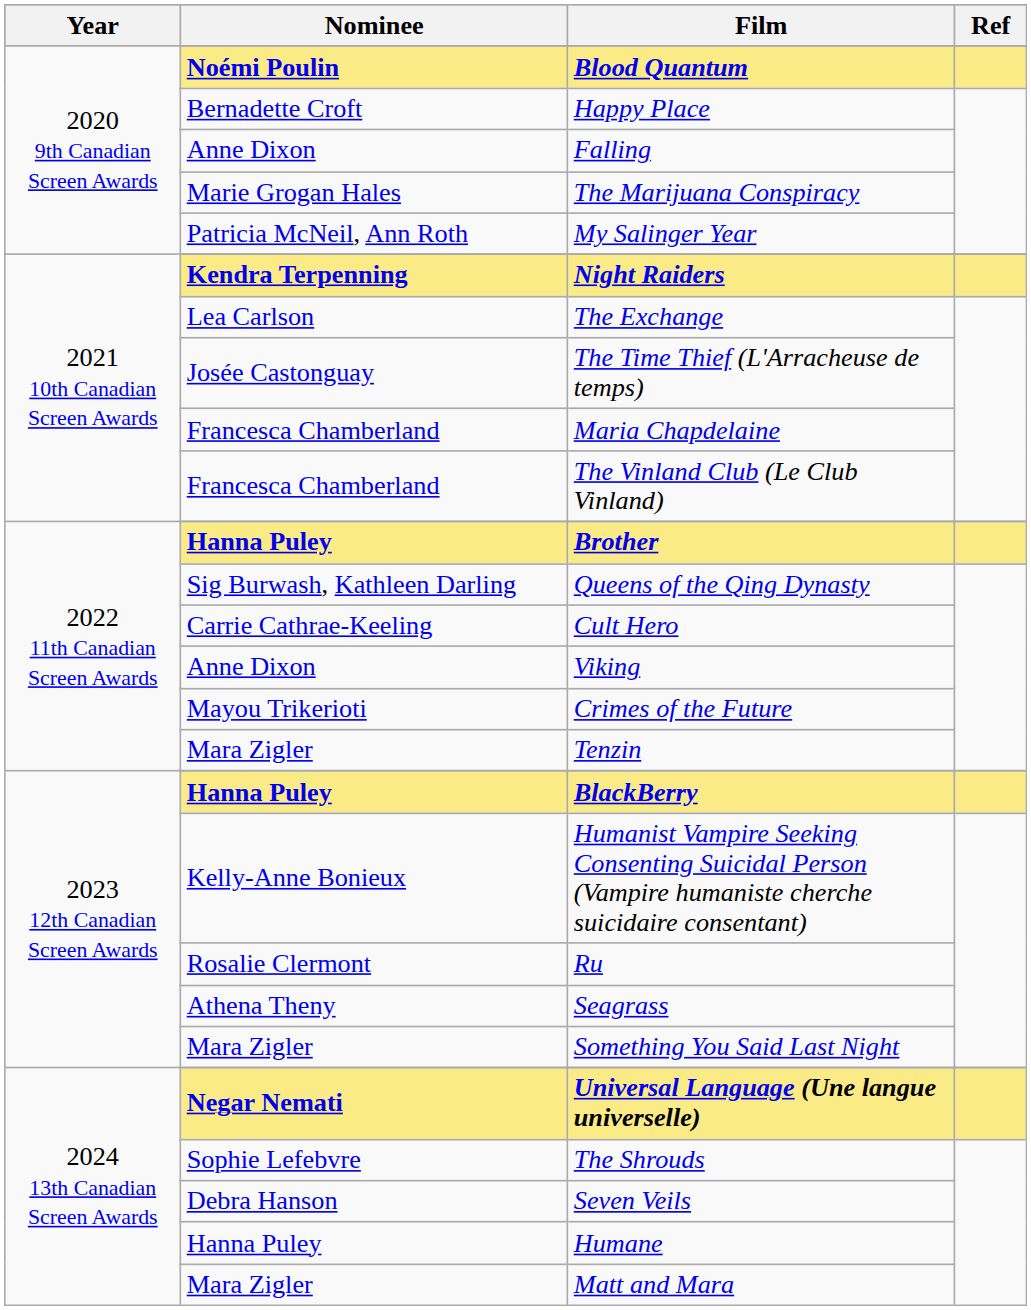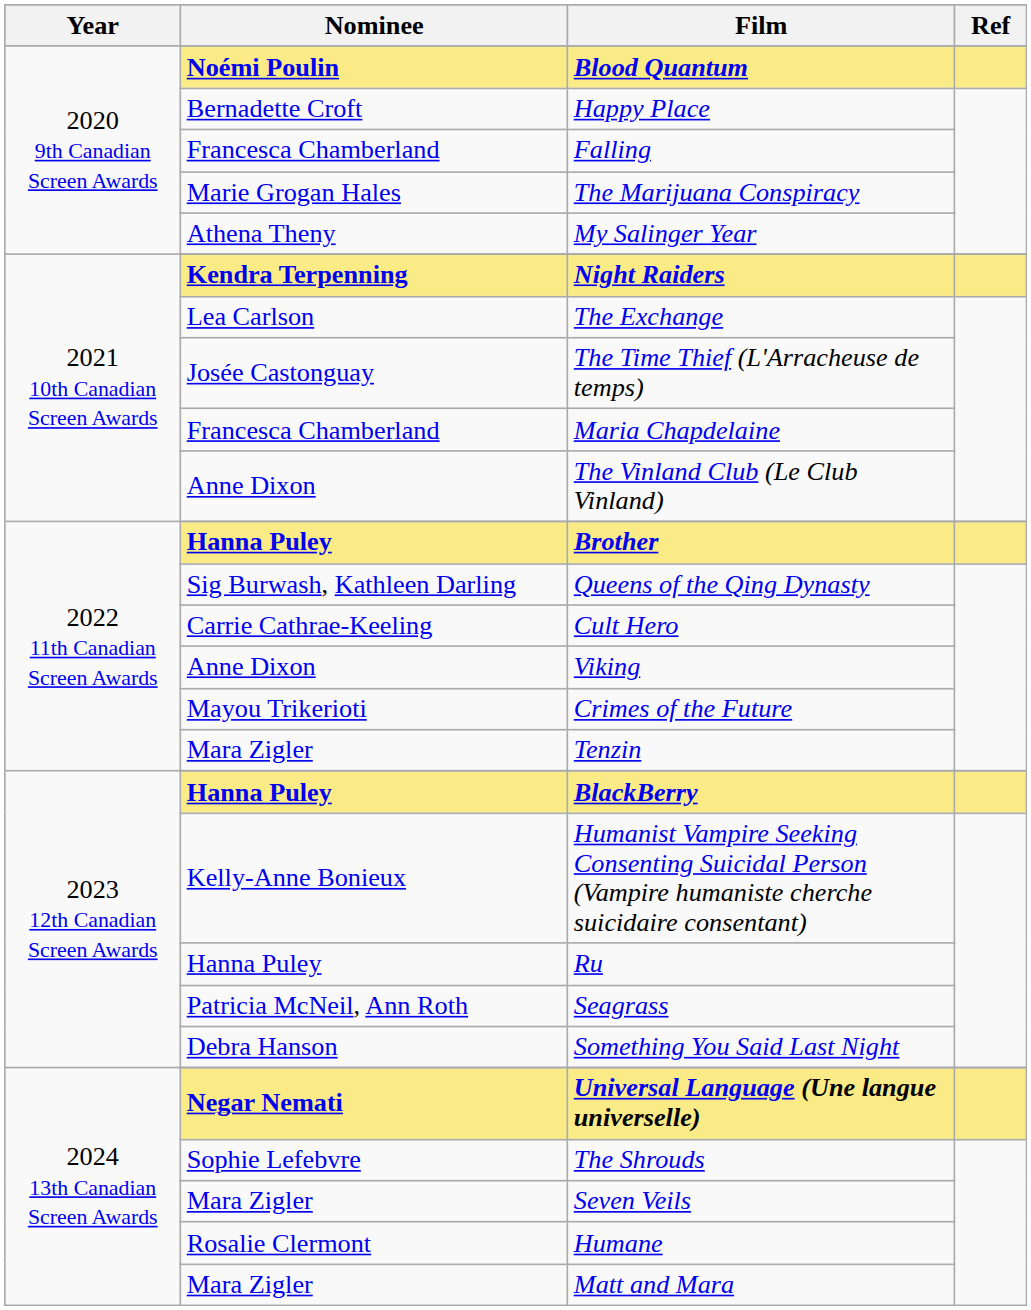 <table class="wikitable" style="width:100%;">
 <tr style="background:#bebebe;">
 <th style="width:8%;">Year</th>
 <th style="width:19%;">Nominee</th>
 <th style="width:19%;">Film</th>
 <th style="width:2%;">Ref</th>
 </tr>
 <tr>
 <td rowspan="6" align="center">2020 <br> <small><a href='#'>9th Canadian Screen Awards</a></small></td>
 </tr>
 <tr style="background:#FAEB86;">
 <td><strong><a href='#'>Noémi Poulin</a></strong></td>
 <td><strong><em><a href='#'>Blood Quantum</a></em></strong></td>
 <td></td>
 </tr>
 <tr>
 <td><a href='#'>Bernadette Croft</a></td>
 <td><em><a href='#'>Happy Place</a></em></td>
 <td rowspan=4></td>
 </tr>
 <tr>
-<td><a href='#'>Anne Dixon</a></td>
+<td><a href='#'>Francesca Chamberland</a></td>
 <td><em><a href='#'>Falling</a></em></td>
 </tr>
 <tr>
 <td><a href='#'>Marie Grogan Hales</a></td>
 <td><em><a href='#'>The Marijuana Conspiracy</a></em></td>
 </tr>
 <tr>
-<td><a href='#'>Patricia McNeil</a>, <a href='#'>Ann Roth</a></td>
+<td><a href='#'>Athena Theny</a></td>
 <td><em><a href='#'>My Salinger Year</a></em></td>
 </tr>
 <tr>
 <td rowspan="6" align="center">2021 <br> <small><a href='#'>10th Canadian Screen Awards</a></small></td>
 </tr>
 <tr style="background:#FAEB86;">
 <td><strong><a href='#'>Kendra Terpenning</a></strong></td>
 <td><strong><em><a href='#'>Night Raiders</a></em></strong></td>
 <td></td>
 </tr>
 <tr>
 <td><a href='#'>Lea Carlson</a></td>
 <td><em><a href='#'>The Exchange</a></em></td>
 <td rowspan=4></td>
 </tr>
 <tr>
 <td><a href='#'>Josée Castonguay</a></td>
 <td><em><a href='#'>The Time Thief</a> (L'Arracheuse de temps)</em></td>
 </tr>
 <tr>
 <td><a href='#'>Francesca Chamberland</a></td>
 <td><em><a href='#'>Maria Chapdelaine</a></em></td>
 </tr>
 <tr>
-<td><a href='#'>Francesca Chamberland</a></td>
+<td><a href='#'>Anne Dixon</a></td>
 <td><em><a href='#'>The Vinland Club</a> (Le Club Vinland)</em></td>
 </tr>
 <tr>
 <td rowspan="7" align="center">2022 <br> <small><a href='#'>11th Canadian Screen Awards</a></small></td>
 </tr>
 <tr style="background:#FAEB86;">
 <td><strong><a href='#'>Hanna Puley</a></strong></td>
 <td><strong><em><a href='#'>Brother</a></em></strong></td>
 <td></td>
 </tr>
 <tr>
 <td><a href='#'>Sig Burwash</a>, <a href='#'>Kathleen Darling</a></td>
 <td><em><a href='#'>Queens of the Qing Dynasty</a></em></td>
 <td rowspan=5></td>
 </tr>
 <tr>
 <td><a href='#'>Carrie Cathrae-Keeling</a></td>
 <td><em><a href='#'>Cult Hero</a></em></td>
 </tr>
 <tr>
 <td><a href='#'>Anne Dixon</a></td>
 <td><em><a href='#'>Viking</a></em></td>
 </tr>
 <tr>
 <td><a href='#'>Mayou Trikerioti</a></td>
 <td><em><a href='#'>Crimes of the Future</a></em></td>
 </tr>
 <tr>
 <td><a href='#'>Mara Zigler</a></td>
 <td><em><a href='#'>Tenzin</a></em></td>
 </tr>
 <tr>
 <td rowspan="6" align="center">2023 <br> <small><a href='#'>12th Canadian Screen Awards</a></small></td>
 </tr>
 <tr style="background:#FAEB86;">
 <td><strong><a href='#'>Hanna Puley</a></strong></td>
 <td><strong><em><a href='#'>BlackBerry</a></em></strong></td>
 <td></td>
 </tr>
 <tr>
 <td><a href='#'>Kelly-Anne Bonieux</a></td>
 <td><em><a href='#'>Humanist Vampire Seeking Consenting Suicidal Person</a> (Vampire humaniste cherche suicidaire consentant)</em></td>
 <td rowspan=4></td>
 </tr>
 <tr>
-<td><a href='#'>Rosalie Clermont</a></td>
+<td><a href='#'>Hanna Puley</a></td>
 <td><em><a href='#'>Ru</a></em></td>
 </tr>
 <tr>
-<td><a href='#'>Athena Theny</a></td>
+<td><a href='#'>Patricia McNeil</a>, <a href='#'>Ann Roth</a></td>
 <td><em><a href='#'>Seagrass</a></em></td>
 </tr>
 <tr>
-<td><a href='#'>Mara Zigler</a></td>
+<td><a href='#'>Debra Hanson</a></td>
 <td><em><a href='#'>Something You Said Last Night</a></em></td>
 </tr>
 <tr>
 <td rowspan="6" align="center">2024 <br> <small><a href='#'>13th Canadian Screen Awards</a></small></td>
 </tr>
 <tr style="background:#FAEB86;">
 <td><strong><a href='#'>Negar Nemati</a></strong></td>
 <td><strong><em><a href='#'>Universal Language</a> (Une langue universelle)</em></strong></td>
 <td></td>
 </tr>
 <tr>
 <td><a href='#'>Sophie Lefebvre</a></td>
 <td><em><a href='#'>The Shrouds</a></em></td>
 <td rowspan=4></td>
 </tr>
 <tr>
-<td><a href='#'>Debra Hanson</a></td>
+<td><a href='#'>Mara Zigler</a></td>
 <td><em><a href='#'>Seven Veils</a></em></td>
 </tr>
 <tr>
-<td><a href='#'>Hanna Puley</a></td>
+<td><a href='#'>Rosalie Clermont</a></td>
 <td><em><a href='#'>Humane</a></em></td>
 </tr>
 <tr>
 <td><a href='#'>Mara Zigler</a></td>
 <td><em><a href='#'>Matt and Mara</a></em></td>
 </tr>
 </table>
